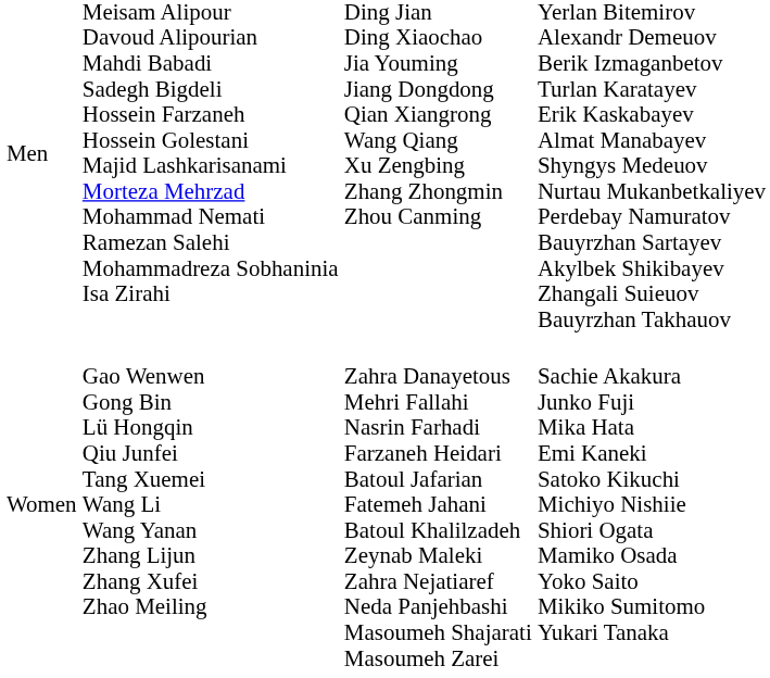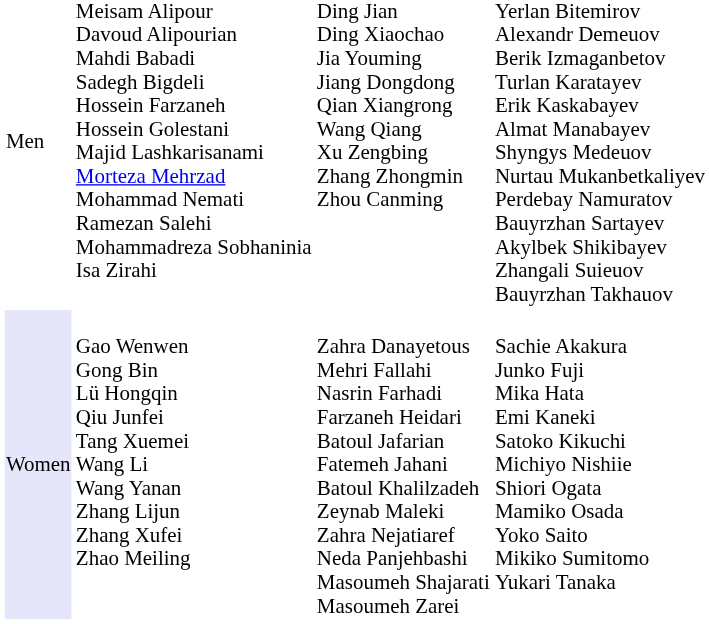 <table>
 <tr>
 <td>Men</td>
 <td valign=top nowrap><br>Meisam Alipour<br>Davoud Alipourian<br>Mahdi Babadi<br>Sadegh Bigdeli<br>Hossein Farzaneh<br>Hossein Golestani<br>Majid Lashkarisanami<br><a href='#'>Morteza Mehrzad</a><br>Mohammad Nemati<br>Ramezan Salehi<br>Mohammadreza Sobhaninia<br>Isa Zirahi</td>
 <td valign=top><br>Ding Jian<br>Ding Xiaochao<br>Jia Youming<br>Jiang Dongdong<br>Qian Xiangrong<br>Wang Qiang<br>Xu Zengbing<br>Zhang Zhongmin<br>Zhou Canming</td>
 <td valign=top nowrap><br>Yerlan Bitemirov<br>Alexandr Demeuov<br>Berik Izmaganbetov<br>Turlan Karatayev<br>Erik Kaskabayev<br>Almat Manabayev<br>Shyngys Medeuov<br>Nurtau Mukanbetkaliyev<br>Perdebay Namuratov<br>Bauyrzhan Sartayev<br>Akylbek Shikibayev<br>Zhangali Suieuov<br>Bauyrzhan Takhauov</td>
 </tr>
 <tr>
-<td>Women</td>
+<td style="background: lavender;">Women</td>
 <td valign=top><br>Gao Wenwen<br>Gong Bin<br>Lü Hongqin<br>Qiu Junfei<br>Tang Xuemei<br>Wang Li<br>Wang Yanan<br>Zhang Lijun<br>Zhang Xufei<br>Zhao Meiling</td>
 <td valign=top nowrap><br>Zahra Danayetous<br>Mehri Fallahi<br>Nasrin Farhadi<br>Farzaneh Heidari<br>Batoul Jafarian<br>Fatemeh Jahani<br>Batoul Khalilzadeh<br>Zeynab Maleki<br>Zahra Nejatiaref<br>Neda Panjehbashi<br>Masoumeh Shajarati<br>Masoumeh Zarei</td>
 <td valign=top><br>Sachie Akakura<br>Junko Fuji<br>Mika Hata<br>Emi Kaneki<br>Satoko Kikuchi<br>Michiyo Nishiie<br>Shiori Ogata<br>Mamiko Osada<br>Yoko Saito<br>Mikiko Sumitomo<br>Yukari Tanaka</td>
 </tr>
 </table>
